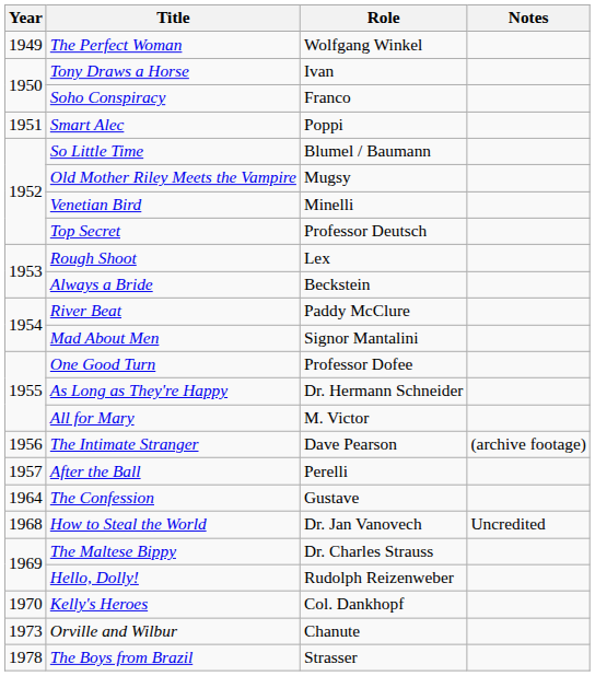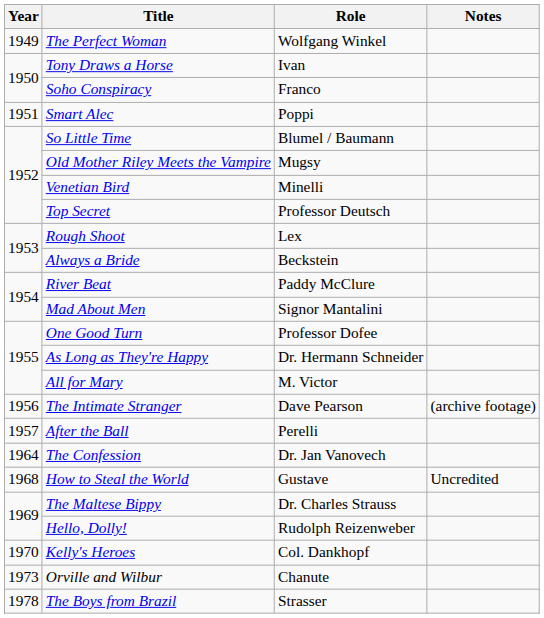 <table class="wikitable">
 <tr>
 <th>Year</th>
 <th>Title</th>
 <th>Role</th>
 <th>Notes</th>
 </tr>
 <tr>
 <td>1949</td>
 <td><em><a href='#'>The Perfect Woman</a></em></td>
 <td>Wolfgang Winkel</td>
 <td></td>
 </tr>
 <tr>
 <td rowspan=2>1950</td>
 <td><em><a href='#'>Tony Draws a Horse</a></em></td>
 <td>Ivan</td>
 <td></td>
 </tr>
 <tr>
 <td><em><a href='#'>Soho Conspiracy</a></em></td>
 <td>Franco</td>
 <td></td>
 </tr>
 <tr>
 <td>1951</td>
 <td><em><a href='#'>Smart Alec</a></em></td>
 <td>Poppi</td>
 <td></td>
 </tr>
 <tr>
 <td rowspan=4>1952</td>
 <td><em><a href='#'>So Little Time</a></em></td>
 <td>Blumel / Baumann</td>
 <td></td>
 </tr>
 <tr>
 <td><em><a href='#'>Old Mother Riley Meets the Vampire</a></em></td>
 <td>Mugsy</td>
 <td></td>
 </tr>
 <tr>
 <td><em><a href='#'>Venetian Bird</a></em></td>
 <td>Minelli</td>
 <td></td>
 </tr>
 <tr>
 <td><em><a href='#'>Top Secret</a></em></td>
 <td>Professor Deutsch</td>
 <td></td>
 </tr>
 <tr>
 <td rowspan=2>1953</td>
 <td><em><a href='#'>Rough Shoot</a></em></td>
 <td>Lex</td>
 <td></td>
 </tr>
 <tr>
 <td><em><a href='#'>Always a Bride</a></em></td>
 <td>Beckstein</td>
 <td></td>
 </tr>
 <tr>
 <td rowspan=2>1954</td>
 <td><em><a href='#'>River Beat</a></em></td>
 <td>Paddy McClure</td>
 <td></td>
 </tr>
 <tr>
 <td><em><a href='#'>Mad About Men</a></em></td>
 <td>Signor Mantalini</td>
 <td></td>
 </tr>
 <tr>
 <td rowspan=3>1955</td>
 <td><em><a href='#'>One Good Turn</a></em></td>
 <td>Professor Dofee</td>
 <td></td>
 </tr>
 <tr>
 <td><em><a href='#'>As Long as They're Happy</a></em></td>
 <td>Dr. Hermann Schneider</td>
 <td></td>
 </tr>
 <tr>
 <td><em><a href='#'>All for Mary</a></em></td>
 <td>M. Victor</td>
 <td></td>
 </tr>
 <tr>
 <td>1956</td>
 <td><em><a href='#'>The Intimate Stranger</a></em></td>
 <td>Dave Pearson</td>
 <td>(archive footage)</td>
 </tr>
 <tr>
 <td>1957</td>
 <td><em><a href='#'>After the Ball</a></em></td>
 <td>Perelli</td>
 <td></td>
 </tr>
 <tr>
 <td>1964</td>
 <td><em><a href='#'>The Confession</a></em></td>
-<td>Gustave</td>
+<td>Dr. Jan Vanovech</td>
 <td></td>
 </tr>
 <tr>
 <td>1968</td>
 <td><em><a href='#'>How to Steal the World</a></em></td>
-<td>Dr. Jan Vanovech</td>
+<td>Gustave</td>
 <td>Uncredited</td>
 </tr>
 <tr>
 <td rowspan=2>1969</td>
 <td><em><a href='#'>The Maltese Bippy</a></em></td>
 <td>Dr. Charles Strauss</td>
 <td></td>
 </tr>
 <tr>
 <td><em><a href='#'>Hello, Dolly!</a></em></td>
 <td>Rudolph Reizenweber</td>
 <td></td>
 </tr>
 <tr>
 <td>1970</td>
 <td><em><a href='#'>Kelly's Heroes</a></em></td>
 <td>Col. Dankhopf</td>
 <td></td>
 </tr>
 <tr>
 <td>1973</td>
 <td><em>Orville and Wilbur</em></td>
 <td>Chanute</td>
 <td></td>
 </tr>
 <tr>
 <td>1978</td>
 <td><em><a href='#'>The Boys from Brazil</a></em></td>
 <td>Strasser</td>
 <td></td>
 </tr>
 </table>
